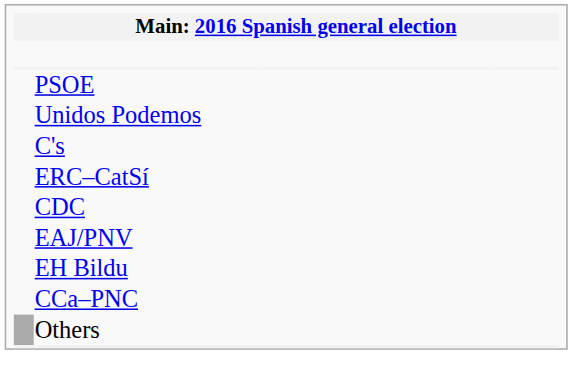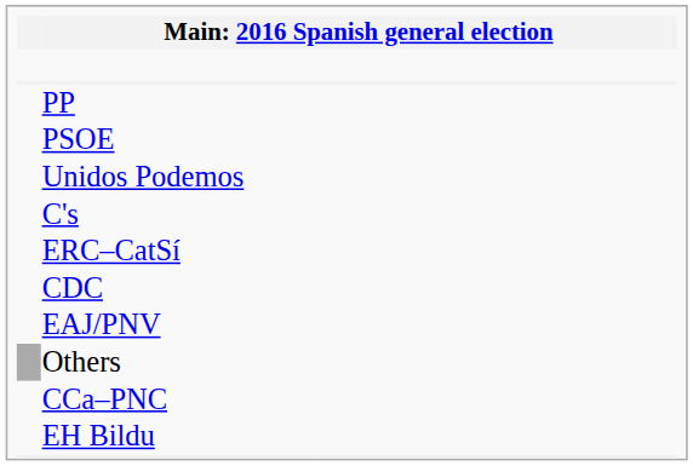 <table class="infobox vcard" style="width:23.0em; padding:0.3em; padding-bottom:0em;" cellspacing=0>
 <tr>
 <td style="background:#F2F2F2; vertical-align:middle; padding:0.4em;" width="30px"></td>
 <th colspan="4" style="text-align:center; background:#F2F2F2; font-size:0.85em; width:100%; vertical-align:middle;">Main: <a href='#'>2016 Spanish general election</a></th>
 </tr>
 <tr>
 <td colspan="5" style="text-align:center; font-size:0.85em; padding:0.5em 0em;">  </td>
 </tr>
 <tr>
 <td colspan="5"></td>
 </tr>
 <tr>
 <td colspan="5"></td>
 </tr>
 <tr>
 <th colspan="2" width="85px" style="background:#F2F2F2;"></th>
 <th width="70px" style="background:#F2F2F2;"></th>
 <th width="45px" style="background:#F2F2F2;"></th>
 <th width="30px" style="background:#F2F2F2;"></th>
+</tr>
+<tr>
+<td style="background:"></td>
+<td><a href='#'>PP</a></td>
+<td></td>
+<td></td>
+<td></td>
 </tr>
 <tr>
 <td style="background:"></td>
 <td><a href='#'>PSOE</a></td>
 <td></td>
 <td></td>
 <td></td>
 </tr>
 <tr>
 <td style="background:"></td>
 <td><a href='#'>Unidos Podemos</a></td>
 <td></td>
 <td></td>
 <td></td>
 </tr>
 <tr>
 <td style="background:"></td>
 <td><a href='#'>C's</a></td>
 <td></td>
 <td></td>
 <td></td>
 </tr>
 <tr>
 <td style="background:"></td>
 <td><a href='#'>ERC–CatSí</a></td>
 <td></td>
 <td></td>
 <td></td>
 </tr>
 <tr>
 <td style="background:"></td>
 <td><a href='#'>CDC</a></td>
 <td></td>
 <td></td>
 <td></td>
 </tr>
 <tr>
 <td style="background:"></td>
 <td><a href='#'>EAJ/PNV</a></td>
 <td></td>
 <td></td>
 <td></td>
 </tr>
 <tr>
-<td style="background:"></td>
-<td><a href='#'>EH Bildu</a></td>
+<td style="background:#AAAAAA;"></td>
+<td>Others</td>
 <td></td>
 <td></td>
 <td></td>
 </tr>
 <tr>
 <td style="background:"></td>
 <td><a href='#'>CCa–PNC</a></td>
 <td></td>
 <td></td>
 <td></td>
 </tr>
 <tr>
-<td style="background:#AAAAAA;"></td>
-<td>Others</td>
+<td style="background:"></td>
+<td><a href='#'>EH Bildu</a></td>
 <td></td>
 <td></td>
 <td></td>
 </tr>
 <tr>
 <th colspan="2" style="background:#F2F2F2;"></th>
 <th style="background:#F2F2F2;"></th>
 <th style="background:#F2F2F2;"></th>
 <th style="background:#F2F2F2;"></th>
 </tr>
 </table>
